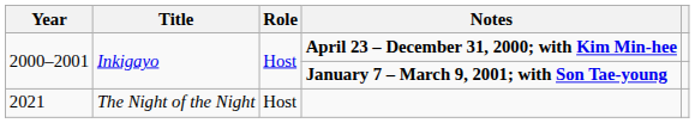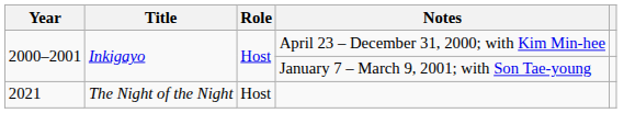 <table class="wikitable sortable">
 <tr>
 <th scope="col">Year</th>
 <th scope="col">Title</th>
 <th scope="col">Role</th>
 <th scope="col">Notes</th>
 <th scope="col" class="unsortable"></th>
 </tr>
 <tr>
 <td rowspan=2>2000–2001</td>
 <td rowspan=2><em><a href='#'>Inkigayo</a></em></td>
 <td rowspan="2"><a href='#'>Host</a></td>
-<td><strong>April 23 – December 31, 2000; with <a href='#'>Kim Min-hee</a></strong></td>
+<td>April 23 – December 31, 2000; with <a href='#'>Kim Min-hee</a></td>
 <td></td>
 </tr>
 <tr>
-<td><strong>January 7 – March 9, 2001; with <a href='#'>Son Tae-young</a></strong></td>
+<td>January 7 – March 9, 2001; with <a href='#'>Son Tae-young</a></td>
 <td></td>
 </tr>
 <tr>
 <td>2021</td>
 <td><em>The Night of the Night</em></td>
 <td>Host</td>
 <td></td>
 <td></td>
 </tr>
 </table>
